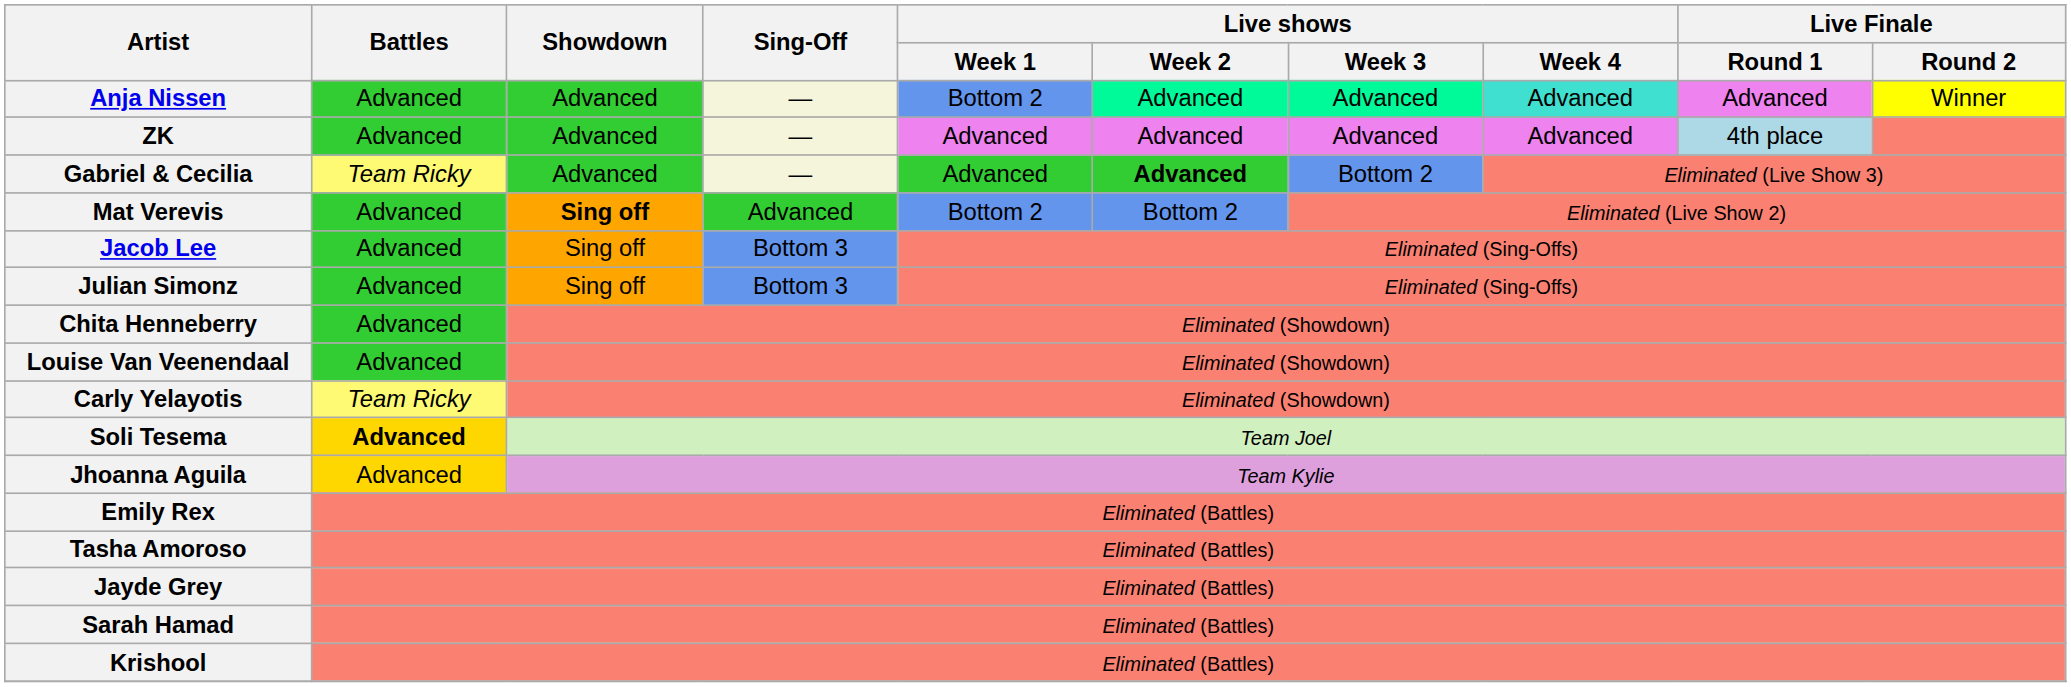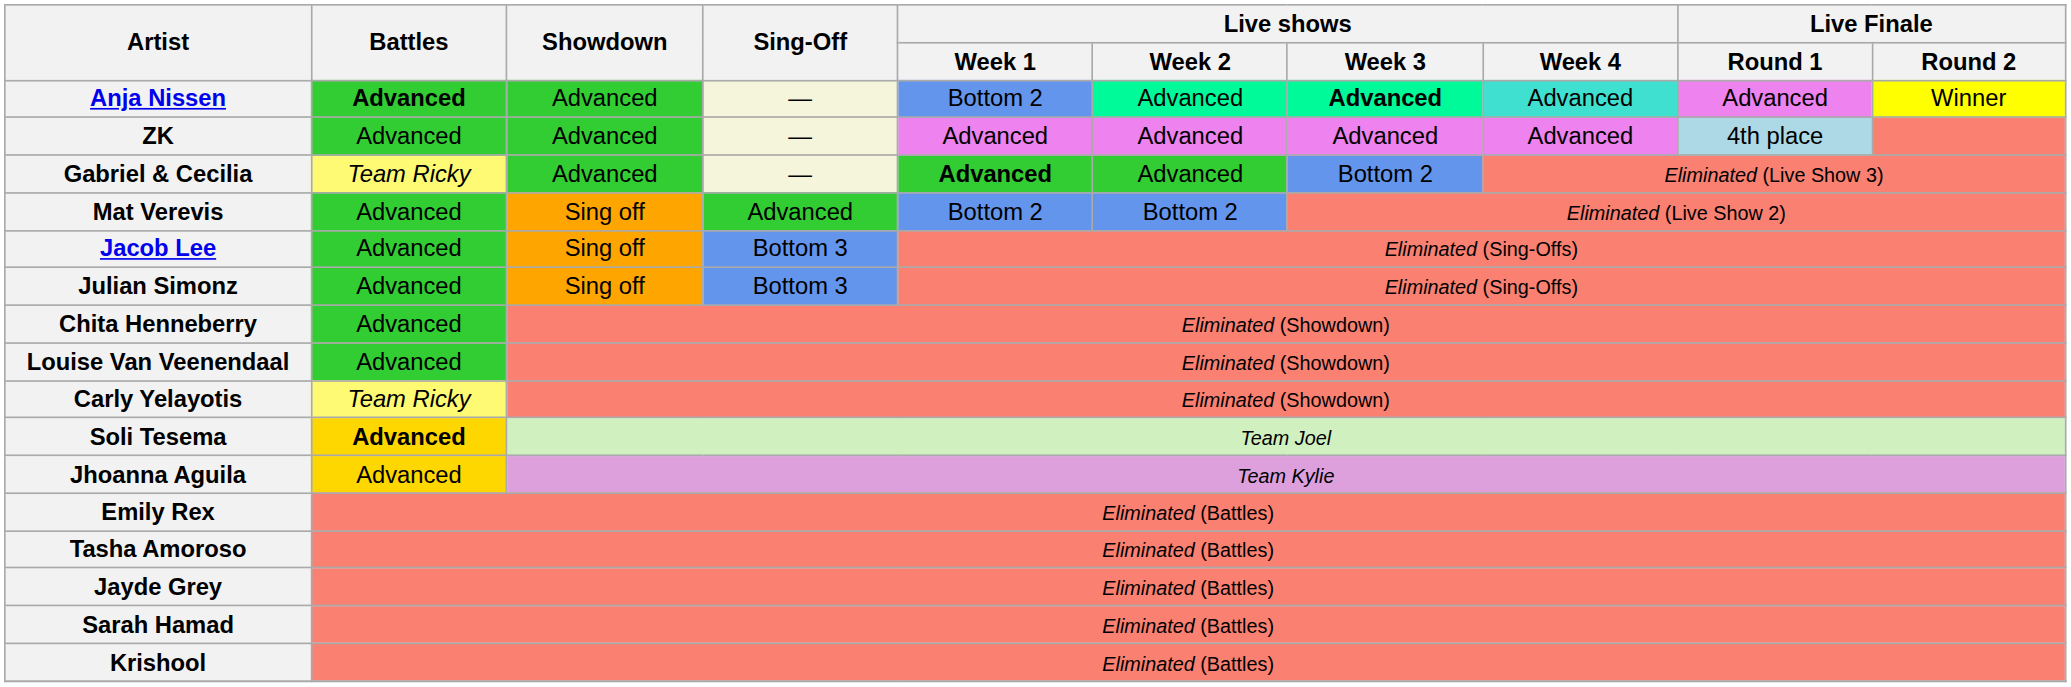 <table class="wikitable plainrowheaders"  style="text-align:center; font-size:90%;">
 <tr>
 <th rowspan="2" style="width:13em;">Artist</th>
 <th rowspan="2" style="width:8em;">Battles</th>
 <th rowspan="2" style="width:8em;">Showdown</th>
 <th rowspan="2" style="width:8em;">Sing-Off</th>
 <th colspan="4" style="width:8em;">Live shows</th>
 <th colspan="2" style="width:8em;">Live Finale</th>
 </tr>
 <tr>
 <th style="width:8em;">Week 1</th>
 <th style="width:8em;">Week 2</th>
 <th style="width:8em;">Week 3</th>
 <th style="width:8em;">Week 4</th>
 <th style="width:8em;">Round 1</th>
 <th style="width:8em;">Round 2</th>
 </tr>
 <tr>
 <th><a href='#'>Anja Nissen</a></th>
-<td style="background:limegreen;">Advanced</td>
+<td style="background:limegreen;"><strong>Advanced</strong></td>
 <td style="background:limegreen;">Advanced</td>
 <td style="background:beige">—</td>
 <td style="background:cornflowerblue">Bottom 2</td>
 <td style="background:#00FA9A;">Advanced</td>
-<td style="background:#00FA9A;">Advanced</td>
+<td style="background:#00FA9A;"><strong>Advanced</strong></td>
 <td style="background:turquoise;">Advanced</td>
 <td style="background:violet">Advanced</td>
 <td style="background:yellow">Winner</td>
 </tr>
 <tr>
 <th>ZK</th>
 <td style="background:limegreen;">Advanced</td>
 <td style="background:limegreen;">Advanced</td>
 <td style="background:beige">—</td>
 <td style="background:violet">Advanced</td>
 <td style="background:violet">Advanced</td>
 <td style="background:violet">Advanced</td>
 <td style="background:violet">Advanced</td>
 <td style="background:lightblue">4th place</td>
 <td style="background:salmon"></td>
 </tr>
 <tr>
 <th>Gabriel & Cecilia</th>
 <td style="background:#fffa73;"><em>Team Ricky</em></td>
 <td style="background:limegreen;">Advanced</td>
 <td style="background:beige;">—</td>
+<td style="background:limegreen;"><strong>Advanced</strong></td>
 <td style="background:limegreen;">Advanced</td>
-<td style="background:limegreen;"><strong>Advanced</strong></td>
 <td style="background:cornflowerblue;">Bottom 2</td>
 <td colspan="5" style="background:salmon"><small><em>Eliminated</em> (Live Show 3)</small></td>
 </tr>
 <tr>
 <th>Mat Verevis</th>
 <td style="background:limegreen;">Advanced</td>
-<td style="background:orange;"><strong>Sing off</strong></td>
+<td style="background:orange;">Sing off</td>
 <td style="background:limegreen;">Advanced</td>
 <td style="background:cornflowerblue;">Bottom 2</td>
 <td style="background:cornflowerblue;">Bottom 2</td>
 <td colspan="4" style="background:salmon"><small><em>Eliminated</em> (Live Show 2)</small></td>
 </tr>
 <tr>
 <th><a href='#'>Jacob Lee</a></th>
 <td style="background:limegreen;">Advanced</td>
 <td style="background:orange;">Sing off</td>
 <td style="background:cornflowerblue;">Bottom 3</td>
 <td colspan="7" style="background:salmon"><small><em>Eliminated</em> (Sing-Offs)</small></td>
 </tr>
 <tr>
 <th>Julian Simonz</th>
 <td style="background:limegreen;">Advanced</td>
 <td style="background:orange;">Sing off</td>
 <td style="background:cornflowerblue;">Bottom 3</td>
 <td colspan="7" style="background:salmon"><small><em>Eliminated</em> (Sing-Offs)</small></td>
 </tr>
 <tr>
 <th>Chita Henneberry</th>
 <td style="background:limegreen;">Advanced</td>
 <td colspan="8" style="background:salmon"><small><em>Eliminated</em> (Showdown)</small></td>
 </tr>
 <tr>
 <th>Louise Van Veenendaal</th>
 <td style="background:limegreen;">Advanced</td>
 <td colspan="8" style="background:salmon"><small><em>Eliminated</em> (Showdown)</small></td>
 </tr>
 <tr>
 <th>Carly Yelayotis</th>
 <td style="background:#fffa73;"><em>Team Ricky</em></td>
 <td colspan="8" style="background:salmon"><small><em>Eliminated</em> (Showdown)</small></td>
 </tr>
 <tr>
 <th>Soli Tesema</th>
 <td style="background:gold;"><strong>Advanced</strong></td>
 <td colspan="8" style="background:#d0f0c0"><small><em>Team Joel</em></small></td>
 </tr>
 <tr>
 <th>Jhoanna Aguila</th>
 <td style="background:gold;">Advanced</td>
 <td colspan="8" style="background:#dda0dd"><small><em>Team Kylie</em></small></td>
 </tr>
 <tr>
 <th>Emily Rex</th>
 <td colspan="9" style="background:salmon"><small><em>Eliminated</em> (Battles)</small></td>
 </tr>
 <tr>
 <th>Tasha Amoroso</th>
 <td colspan="9" style="background:salmon"><small><em>Eliminated</em> (Battles)</small></td>
 </tr>
 <tr>
 <th>Jayde Grey</th>
 <td colspan="9" style="background:salmon"><small><em>Eliminated</em> (Battles)</small></td>
 </tr>
 <tr>
 <th>Sarah Hamad</th>
 <td colspan="9" style="background:salmon"><small><em>Eliminated</em> (Battles)</small></td>
 </tr>
 <tr>
 <th>Krishool</th>
 <td colspan="9" style="background:salmon"><small><em>Eliminated</em> (Battles)</small></td>
 </tr>
 <tr>
 </tr>
 </table>
